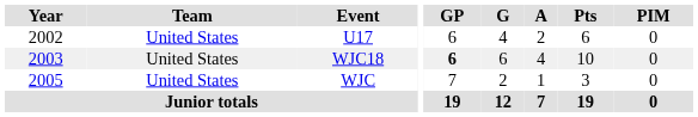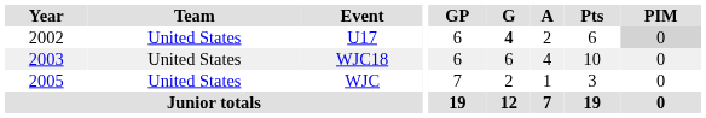 <table border="0" cellpadding="1" cellspacing="0" ID="Table3" style="text-align:center; width:40em">
 <tr ALIGN="center" bgcolor="#e0e0e0">
 <th>Year</th>
 <th>Team</th>
 <th>Event</th>
 <th rowspan="99" bgcolor="#ffffff"></th>
 <th>GP</th>
 <th>G</th>
 <th>A</th>
 <th>Pts</th>
 <th>PIM</th>
 </tr>
 <tr>
 <td>2002</td>
 <td><a href='#'>United States</a></td>
 <td><a href='#'>U17</a></td>
 <td>6</td>
-<td>4</td>
+<td><strong>4</strong></td>
 <td>2</td>
 <td>6</td>
-<td>0</td>
+<td style="background: lightgrey;">0</td>
 </tr>
 <tr bgcolor="#f0f0f0">
 <td><a href='#'>2003</a></td>
 <td>United States</td>
 <td><a href='#'>WJC18</a></td>
-<td><strong>6</strong></td>
+<td>6</td>
 <td>6</td>
 <td>4</td>
 <td>10</td>
 <td>0</td>
 </tr>
 <tr>
 <td><a href='#'>2005</a></td>
 <td><a href='#'>United States</a></td>
 <td><a href='#'>WJC</a></td>
 <td>7</td>
 <td>2</td>
 <td>1</td>
 <td>3</td>
 <td>0</td>
 </tr>
 <tr bgcolor="#e0e0e0">
 <th colspan="3">Junior totals</th>
 <th>19</th>
 <th>12</th>
 <th>7</th>
 <th>19</th>
 <th>0</th>
 </tr>
 </table>
